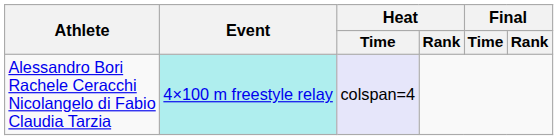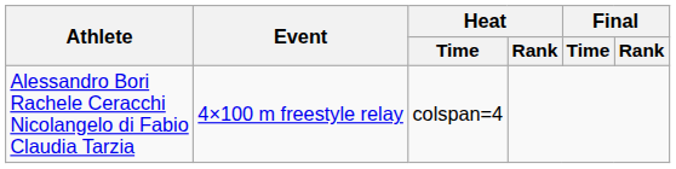 <table class=wikitable style="font-size:90%">
 <tr>
 <th rowspan=2>Athlete</th>
 <th rowspan=2>Event</th>
 <th colspan="2">Heat</th>
 <th colspan="2">Final</th>
 </tr>
 <tr style="font-size:95%">
 <th>Time</th>
 <th>Rank</th>
 <th>Time</th>
 <th>Rank</th>
 </tr>
 <tr align=center>
 <td align=left><a href='#'>Alessandro Bori</a><br><a href='#'>Rachele Ceracchi</a><br><a href='#'>Nicolangelo di Fabio</a><br><a href='#'>Claudia Tarzia</a></td>
-<td align=left style="background: paleturquoise;"><a href='#'>4×100 m freestyle relay</a></td>
-<td style="background: lavender;">colspan=4 </td>
+<td align=left><a href='#'>4×100 m freestyle relay</a></td>
+<td>colspan=4 </td>
 </tr>
 </table>
